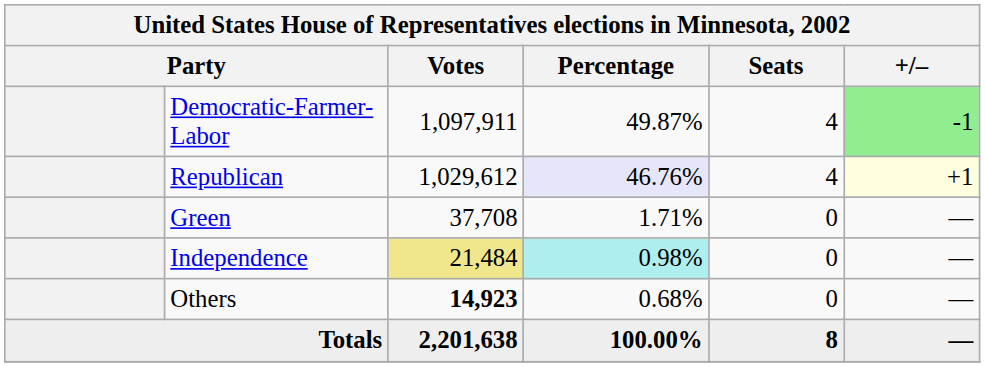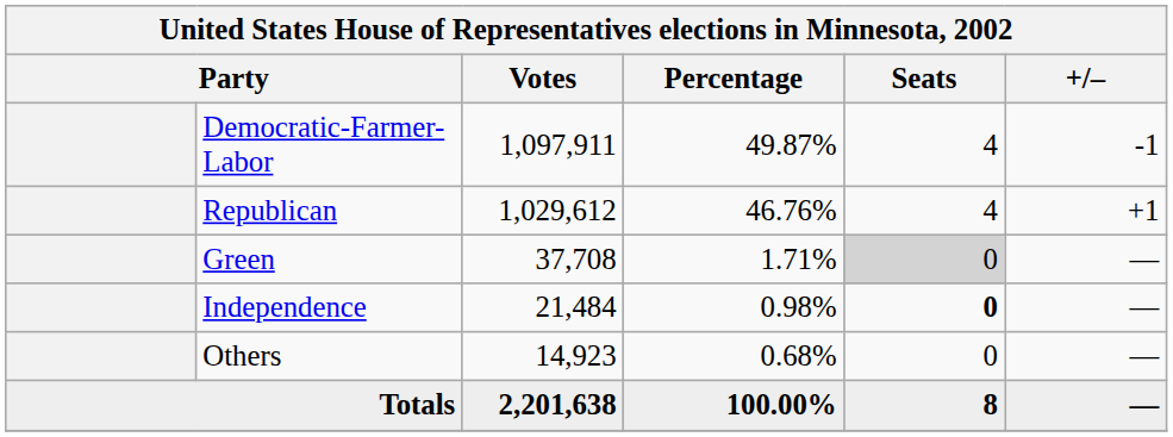 <table class="wikitable" style="font-size: 95%;">
 <tr>
 <th colspan="6">United States House of Representatives elections in Minnesota, 2002 </th>
 </tr>
 <tr>
 <th colspan=2 style="width: 15em">Party</th>
 <th style="width: 5em">Votes</th>
 <th style="width: 7em">Percentage</th>
 <th style="width: 5em">Seats</th>
 <th style="width: 5em">+/–</th>
 </tr>
 <tr>
 <th style="background-color:"></th>
 <td style="width: 130px"><a href='#'>Democratic-Farmer-Labor</a></td>
 <td align="right">1,097,911</td>
 <td align="right">49.87%</td>
 <td align="right">4</td>
-<td align="right" style="background: lightgreen;">-1</td>
+<td align="right">-1</td>
 </tr>
 <tr>
 <th style="background-color:"></th>
 <td style="width: 130px"><a href='#'>Republican</a></td>
 <td align="right">1,029,612</td>
-<td align="right" style="background: lavender;">46.76%</td>
+<td align="right">46.76%</td>
 <td align="right">4</td>
-<td align="right" style="background: lightyellow;">+1</td>
+<td align="right">+1</td>
 </tr>
 <tr>
 <th style="background-color:"></th>
 <td style="width: 130px"><a href='#'>Green</a></td>
 <td align="right">37,708</td>
 <td align="right">1.71%</td>
-<td align="right">0</td>
+<td align="right" style="background: lightgrey;">0</td>
 <td align="right">—</td>
 </tr>
 <tr>
 <th style="background-color:"></th>
 <td style="width: 130px"><a href='#'>Independence</a></td>
-<td align="right" style="background: khaki;">21,484</td>
-<td align="right" style="background: paleturquoise;">0.98%</td>
-<td align="right">0</td>
+<td align="right">21,484</td>
+<td align="right">0.98%</td>
+<td align="right"><strong>0</strong></td>
 <td align="right">—</td>
 </tr>
 <tr>
 <th style="background-color:"></th>
 <td style="width: 130px">Others</td>
-<td align="right"><strong>14,923</strong></td>
+<td align="right">14,923</td>
 <td align="right">0.68%</td>
 <td align="right">0</td>
 <td align="right">—</td>
 </tr>
 <tr bgcolor="#EEEEEE">
 <td colspan="2" align="right"><strong>Totals</strong></td>
 <td align="right"><strong>2,201,638</strong></td>
 <td align="right"><strong>100.00%</strong></td>
 <td align="right"><strong>8</strong></td>
 <td align="right"><strong>—</strong></td>
 </tr>
 <tr bgcolor="#EEEEEE">
 </tr>
 </table>
